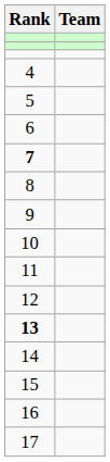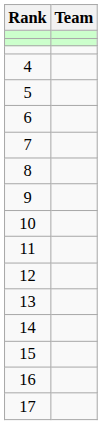 <table class="wikitable" style="text-align: center">
 <tr>
 <th>Rank</th>
 <th>Team</th>
 </tr>
 <tr bgcolor=#ccffcc>
 <td></td>
 <td align=left></td>
 </tr>
 <tr bgcolor=#ccffcc>
 <td></td>
 <td align=left></td>
 </tr>
 <tr>
 <td></td>
 <td align=left></td>
 </tr>
 <tr>
 <td>4</td>
 <td align=left></td>
 </tr>
 <tr>
 <td>5</td>
 <td align=left></td>
 </tr>
 <tr>
 <td>6</td>
 <td align=left></td>
 </tr>
 <tr>
-<td><strong>7</strong></td>
+<td>7</td>
 <td align=left></td>
 </tr>
 <tr>
 <td>8</td>
 <td align=left></td>
 </tr>
 <tr>
 <td>9</td>
 <td align=left></td>
 </tr>
 <tr>
 <td>10</td>
 <td align=left></td>
 </tr>
 <tr>
 <td>11</td>
 <td align=left></td>
 </tr>
 <tr>
 <td>12</td>
 <td align=left></td>
 </tr>
 <tr>
-<td><strong>13</strong></td>
+<td>13</td>
 <td align=left></td>
 </tr>
 <tr>
 <td>14</td>
 <td align=left></td>
 </tr>
 <tr>
 <td>15</td>
 <td align=left></td>
 </tr>
 <tr>
 <td>16</td>
 <td align=left></td>
 </tr>
 <tr>
 <td>17</td>
 <td align=left></td>
 </tr>
 </table>
